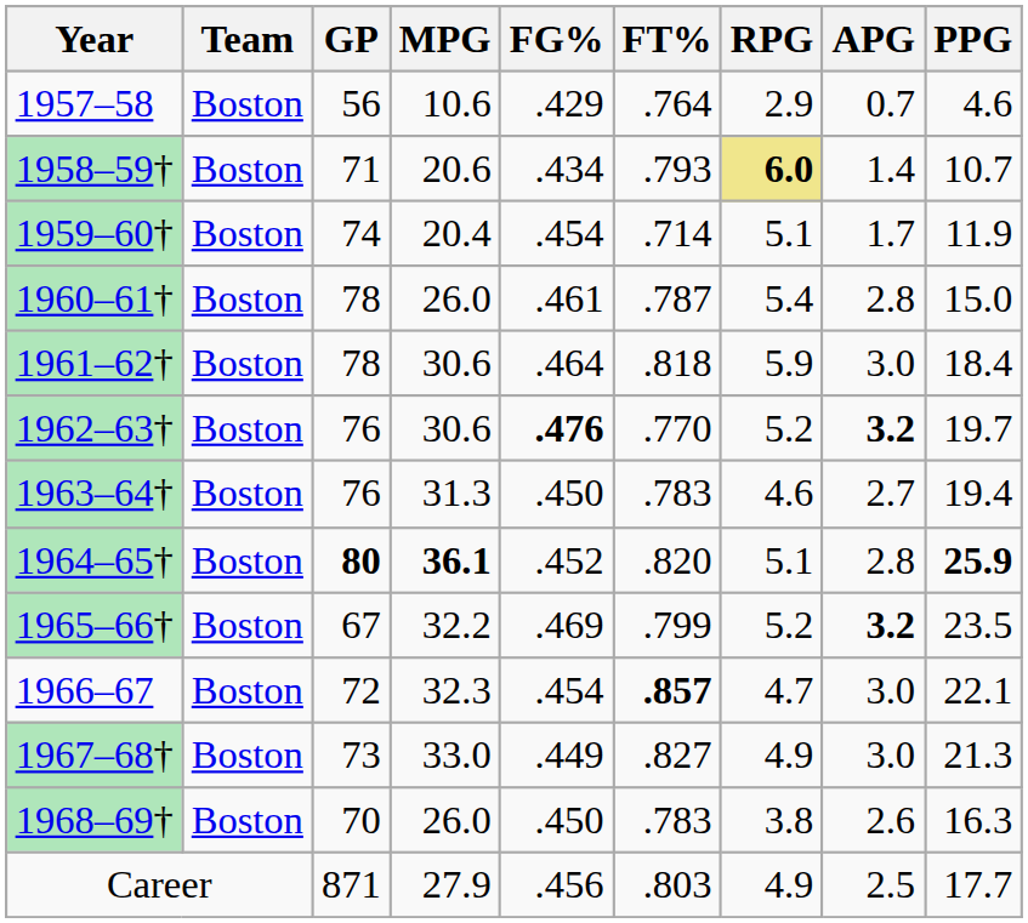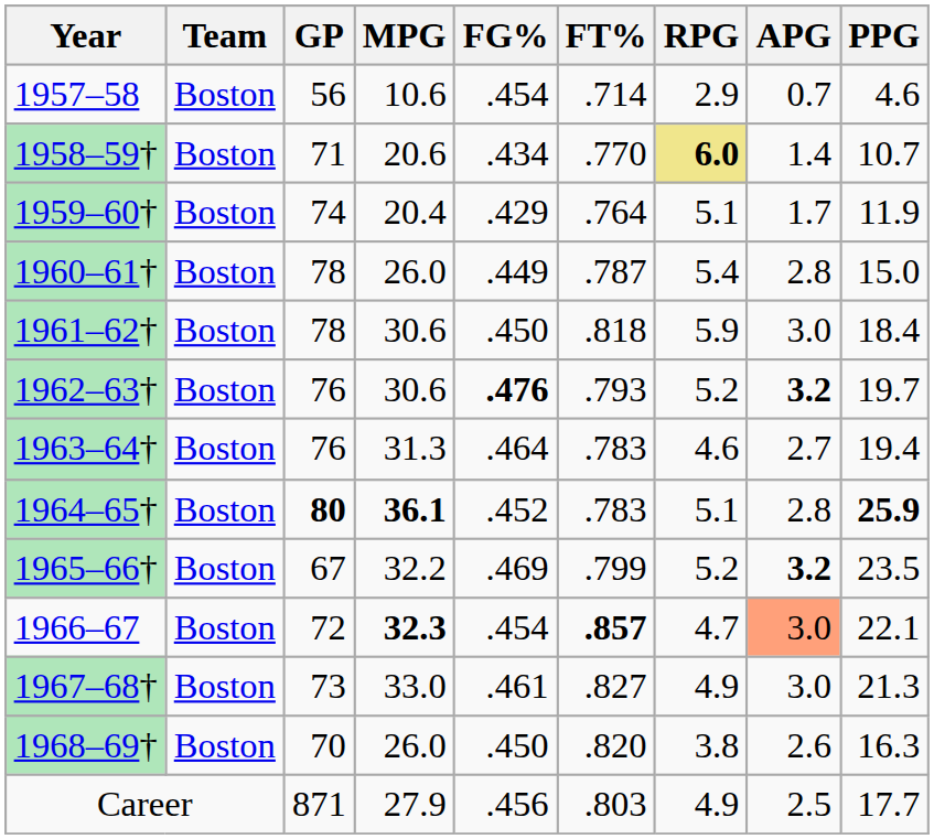 <table class="wikitable sortable" style="font-size:95%; text-align:right;">
 <tr>
 <th>Year</th>
 <th>Team</th>
 <th>GP</th>
 <th>MPG</th>
 <th>FG%</th>
 <th>FT%</th>
 <th>RPG</th>
 <th>APG</th>
 <th>PPG</th>
 </tr>
 <tr>
 <td style="text-align:left;"><a href='#'>1957–58</a></td>
 <td style="text-align:left;"><a href='#'>Boston</a></td>
 <td>56</td>
 <td>10.6</td>
-<td>.429</td>
-<td>.764</td>
+<td>.454</td>
+<td>.714</td>
 <td>2.9</td>
 <td>0.7</td>
 <td>4.6</td>
 </tr>
 <tr>
 <td style="text-align:left;background:#afe6ba;"><a href='#'>1958–59</a>†</td>
 <td style="text-align:left;"><a href='#'>Boston</a></td>
 <td>71</td>
 <td>20.6</td>
 <td>.434</td>
-<td>.793</td>
+<td>.770</td>
 <td style="background: khaki;"><strong>6.0</strong></td>
 <td>1.4</td>
 <td>10.7</td>
 </tr>
 <tr>
 <td style="text-align:left;background:#afe6ba;"><a href='#'>1959–60</a>†</td>
 <td style="text-align:left;"><a href='#'>Boston</a></td>
 <td>74</td>
 <td>20.4</td>
-<td>.454</td>
-<td>.714</td>
+<td>.429</td>
+<td>.764</td>
 <td>5.1</td>
 <td>1.7</td>
 <td>11.9</td>
 </tr>
 <tr>
 <td style="text-align:left;background:#afe6ba;"><a href='#'>1960–61</a>†</td>
 <td style="text-align:left;"><a href='#'>Boston</a></td>
 <td>78</td>
 <td>26.0</td>
-<td>.461</td>
+<td>.449</td>
 <td>.787</td>
 <td>5.4</td>
 <td>2.8</td>
 <td>15.0</td>
 </tr>
 <tr>
 <td style="text-align:left;background:#afe6ba;"><a href='#'>1961–62</a>†</td>
 <td style="text-align:left;"><a href='#'>Boston</a></td>
 <td>78</td>
 <td>30.6</td>
-<td>.464</td>
+<td>.450</td>
 <td>.818</td>
 <td>5.9</td>
 <td>3.0</td>
 <td>18.4</td>
 </tr>
 <tr>
 <td style="text-align:left;background:#afe6ba;"><a href='#'>1962–63</a>†</td>
 <td style="text-align:left;"><a href='#'>Boston</a></td>
 <td>76</td>
 <td>30.6</td>
 <td><strong>.476</strong></td>
-<td>.770</td>
+<td>.793</td>
 <td>5.2</td>
 <td><strong>3.2</strong></td>
 <td>19.7</td>
 </tr>
 <tr>
 <td style="text-align:left;background:#afe6ba;"><a href='#'>1963–64</a>†</td>
 <td style="text-align:left;"><a href='#'>Boston</a></td>
 <td>76</td>
 <td>31.3</td>
-<td>.450</td>
+<td>.464</td>
 <td>.783</td>
 <td>4.6</td>
 <td>2.7</td>
 <td>19.4</td>
 </tr>
 <tr>
 <td style="text-align:left;background:#afe6ba;"><a href='#'>1964–65</a>†</td>
 <td style="text-align:left;"><a href='#'>Boston</a></td>
 <td><strong>80</strong></td>
 <td><strong>36.1</strong></td>
 <td>.452</td>
-<td>.820</td>
+<td>.783</td>
 <td>5.1</td>
 <td>2.8</td>
 <td><strong>25.9</strong></td>
 </tr>
 <tr>
 <td style="text-align:left;background:#afe6ba;"><a href='#'>1965–66</a>†</td>
 <td style="text-align:left;"><a href='#'>Boston</a></td>
 <td>67</td>
 <td>32.2</td>
 <td>.469</td>
 <td>.799</td>
 <td>5.2</td>
 <td><strong>3.2</strong></td>
 <td>23.5</td>
 </tr>
 <tr>
 <td style="text-align:left;"><a href='#'>1966–67</a></td>
 <td style="text-align:left;"><a href='#'>Boston</a></td>
 <td>72</td>
-<td>32.3</td>
+<td><strong>32.3</strong></td>
 <td>.454</td>
 <td><strong>.857</strong></td>
 <td>4.7</td>
-<td>3.0</td>
+<td style="background: lightsalmon;">3.0</td>
 <td>22.1</td>
 </tr>
 <tr>
 <td style="text-align:left;background:#afe6ba;"><a href='#'>1967–68</a>†</td>
 <td style="text-align:left;"><a href='#'>Boston</a></td>
 <td>73</td>
 <td>33.0</td>
-<td>.449</td>
+<td>.461</td>
 <td>.827</td>
 <td>4.9</td>
 <td>3.0</td>
 <td>21.3</td>
 </tr>
 <tr>
 <td style="text-align:left;background:#afe6ba;"><a href='#'>1968–69</a>†</td>
 <td style="text-align:left;"><a href='#'>Boston</a></td>
 <td>70</td>
 <td>26.0</td>
 <td>.450</td>
-<td>.783</td>
+<td>.820</td>
 <td>3.8</td>
 <td>2.6</td>
 <td>16.3</td>
 </tr>
 <tr class="sortbottom">
 <td colspan="2" style="text-align:center;">Career</td>
 <td>871</td>
 <td>27.9</td>
 <td>.456</td>
 <td>.803</td>
 <td>4.9</td>
 <td>2.5</td>
 <td>17.7</td>
 </tr>
 </table>
